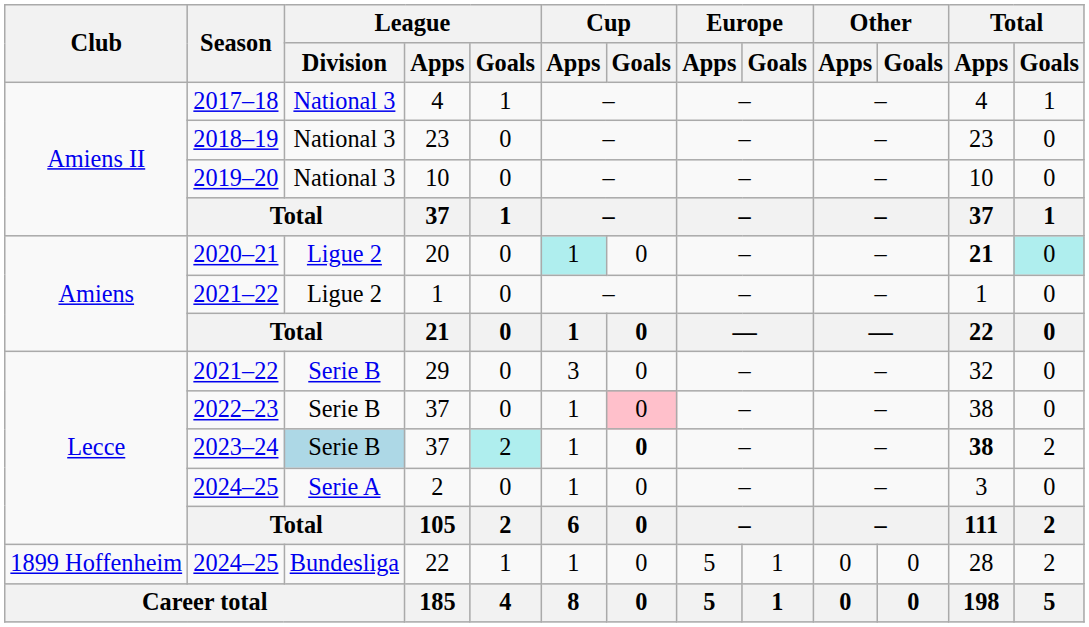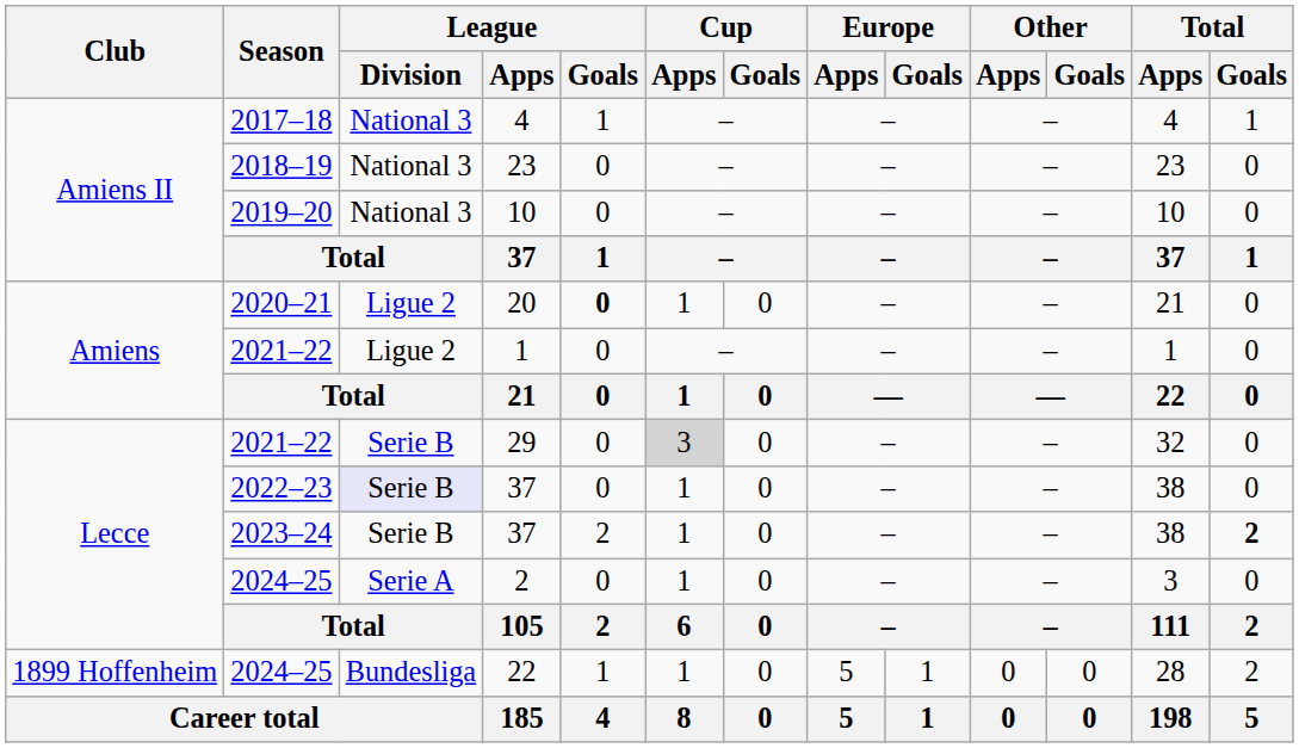 <table class="wikitable" style="text-align:center">
 <tr>
 <th rowspan="2">Club</th>
 <th rowspan="2">Season</th>
 <th colspan="3">League</th>
 <th colspan="2">Cup</th>
 <th colspan="2">Europe</th>
 <th colspan="2">Other</th>
 <th colspan="2">Total</th>
 </tr>
 <tr>
 <th>Division</th>
 <th>Apps</th>
 <th>Goals</th>
 <th>Apps</th>
 <th>Goals</th>
 <th>Apps</th>
 <th>Goals</th>
 <th>Apps</th>
 <th>Goals</th>
 <th>Apps</th>
 <th>Goals</th>
 </tr>
 <tr>
 <td rowspan="4"><a href='#'>Amiens II</a></td>
 <td><a href='#'>2017–18</a></td>
 <td><a href='#'>National 3</a></td>
 <td>4</td>
 <td>1</td>
 <td colspan="2">–</td>
 <td colspan="2">–</td>
 <td colspan="2">–</td>
 <td>4</td>
 <td>1</td>
 </tr>
 <tr>
 <td><a href='#'>2018–19</a></td>
 <td>National 3</td>
 <td>23</td>
 <td>0</td>
 <td colspan="2">–</td>
 <td colspan="2">–</td>
 <td colspan="2">–</td>
 <td>23</td>
 <td>0</td>
 </tr>
 <tr>
 <td><a href='#'>2019–20</a></td>
 <td>National 3</td>
 <td>10</td>
 <td>0</td>
 <td colspan="2">–</td>
 <td colspan="2">–</td>
 <td colspan="2">–</td>
 <td>10</td>
 <td>0</td>
 </tr>
 <tr>
 <th colspan="2">Total</th>
 <th>37</th>
 <th>1</th>
 <th colspan="2">–</th>
 <th colspan="2">–</th>
 <th colspan="2">–</th>
 <th>37</th>
 <th>1</th>
 </tr>
 <tr>
 <td rowspan="3"><a href='#'>Amiens</a></td>
 <td><a href='#'>2020–21</a></td>
 <td><a href='#'>Ligue 2</a></td>
 <td>20</td>
-<td>0</td>
-<td style="background: paleturquoise;">1</td>
+<td><strong>0</strong></td>
+<td>1</td>
 <td>0</td>
 <td colspan="2">–</td>
 <td colspan="2">–</td>
-<td><strong>21</strong></td>
-<td style="background: paleturquoise;">0</td>
+<td>21</td>
+<td>0</td>
 </tr>
 <tr>
 <td><a href='#'>2021–22</a></td>
 <td>Ligue 2</td>
 <td>1</td>
 <td>0</td>
 <td colspan="2">–</td>
 <td colspan="2">–</td>
 <td colspan="2">–</td>
 <td>1</td>
 <td>0</td>
 </tr>
 <tr>
 <th colspan="2">Total</th>
 <th>21</th>
 <th>0</th>
 <th>1</th>
 <th>0</th>
 <th colspan="2">—</th>
 <th colspan="2">—</th>
 <th>22</th>
 <th>0</th>
 </tr>
 <tr>
 <td rowspan="5"><a href='#'>Lecce</a></td>
 <td><a href='#'>2021–22</a></td>
 <td><a href='#'>Serie B</a></td>
 <td>29</td>
 <td>0</td>
-<td>3</td>
+<td style="background: lightgrey;">3</td>
 <td>0</td>
 <td colspan="2">–</td>
 <td colspan="2">–</td>
 <td>32</td>
 <td>0</td>
 </tr>
 <tr>
 <td><a href='#'>2022–23</a></td>
-<td>Serie B</td>
+<td style="background: lavender;">Serie B</td>
 <td>37</td>
 <td>0</td>
 <td>1</td>
-<td style="background: pink;">0</td>
+<td>0</td>
 <td colspan="2">–</td>
 <td colspan="2">–</td>
 <td>38</td>
 <td>0</td>
 </tr>
 <tr>
 <td><a href='#'>2023–24</a></td>
-<td style="background: lightblue;">Serie B</td>
+<td>Serie B</td>
 <td>37</td>
-<td style="background: paleturquoise;">2</td>
+<td>2</td>
 <td>1</td>
-<td><strong>0</strong></td>
+<td>0</td>
 <td colspan="2">–</td>
 <td colspan="2">–</td>
-<td><strong>38</strong></td>
-<td>2</td>
+<td>38</td>
+<td><strong>2</strong></td>
 </tr>
 <tr>
 <td><a href='#'>2024–25</a></td>
 <td><a href='#'>Serie A</a></td>
 <td>2</td>
 <td>0</td>
 <td>1</td>
 <td>0</td>
 <td colspan="2">–</td>
 <td colspan="2">–</td>
 <td>3</td>
 <td>0</td>
 </tr>
 <tr>
 <th colspan="2">Total</th>
 <th>105</th>
 <th>2</th>
 <th>6</th>
 <th>0</th>
 <th colspan="2">–</th>
 <th colspan="2">–</th>
 <th>111</th>
 <th>2</th>
 </tr>
 <tr>
 <td><a href='#'>1899 Hoffenheim</a></td>
 <td><a href='#'>2024–25</a></td>
 <td><a href='#'>Bundesliga</a></td>
 <td>22</td>
 <td>1</td>
 <td>1</td>
 <td>0</td>
 <td>5</td>
 <td>1</td>
 <td>0</td>
 <td>0</td>
 <td>28</td>
 <td>2</td>
 </tr>
 <tr>
 <th colspan="3">Career total</th>
 <th>185</th>
 <th>4</th>
 <th>8</th>
 <th>0</th>
 <th>5</th>
 <th>1</th>
 <th>0</th>
 <th>0</th>
 <th>198</th>
 <th>5</th>
 </tr>
 </table>
